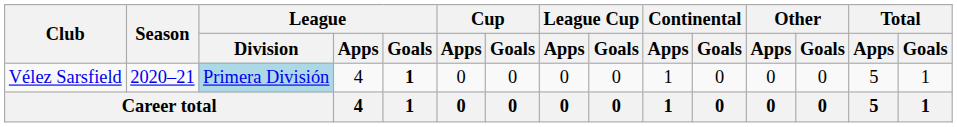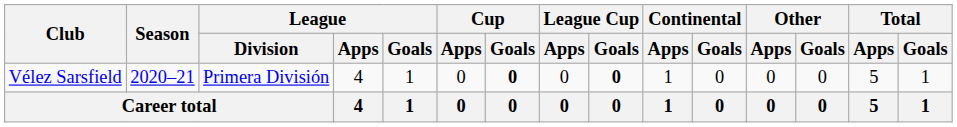 <table class="wikitable" style="text-align:center">
 <tr>
 <th rowspan="2">Club</th>
 <th rowspan="2">Season</th>
 <th colspan="3">League</th>
 <th colspan="2">Cup</th>
 <th colspan="2">League Cup</th>
 <th colspan="2">Continental</th>
 <th colspan="2">Other</th>
 <th colspan="2">Total</th>
 </tr>
 <tr>
 <th>Division</th>
 <th>Apps</th>
 <th>Goals</th>
 <th>Apps</th>
 <th>Goals</th>
 <th>Apps</th>
 <th>Goals</th>
 <th>Apps</th>
 <th>Goals</th>
 <th>Apps</th>
 <th>Goals</th>
 <th>Apps</th>
 <th>Goals</th>
 </tr>
 <tr>
 <td rowspan="1"><a href='#'>Vélez Sarsfield</a></td>
 <td><a href='#'>2020–21</a></td>
-<td rowspan="1" style="background: lightblue;"><a href='#'>Primera División</a></td>
+<td rowspan="1"><a href='#'>Primera División</a></td>
 <td>4</td>
-<td><strong>1</strong></td>
+<td>1</td>
 <td>0</td>
+<td><strong>0</strong></td>
 <td>0</td>
-<td>0</td>
-<td>0</td>
+<td><strong>0</strong></td>
 <td>1</td>
 <td>0</td>
 <td>0</td>
 <td>0</td>
 <td>5</td>
 <td>1</td>
 </tr>
 <tr>
 <th colspan="3">Career total</th>
 <th>4</th>
 <th>1</th>
 <th>0</th>
 <th>0</th>
 <th>0</th>
 <th>0</th>
 <th>1</th>
 <th>0</th>
 <th>0</th>
 <th>0</th>
 <th>5</th>
 <th>1</th>
 </tr>
 </table>
